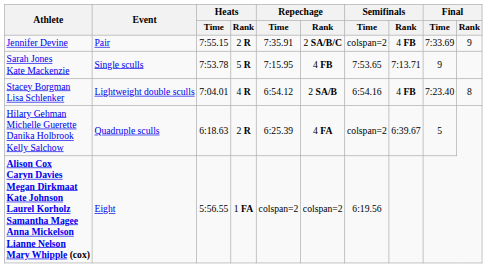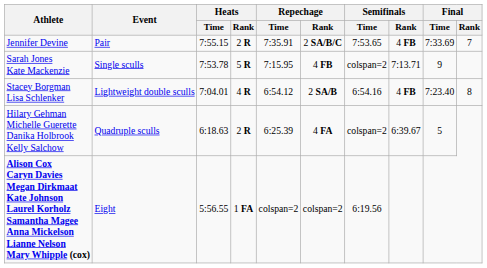 <table class=wikitable style=font-size:90%;text-align:center>
 <tr>
 <th rowspan=2>Athlete</th>
 <th rowspan=2>Event</th>
 <th colspan=2>Heats</th>
 <th colspan=2>Repechage</th>
 <th colspan=2>Semifinals</th>
 <th colspan=2>Final</th>
 </tr>
 <tr style=font-size:95%>
 <th>Time</th>
 <th>Rank</th>
 <th>Time</th>
 <th>Rank</th>
 <th>Time</th>
 <th>Rank</th>
 <th>Time</th>
 <th>Rank</th>
 </tr>
 <tr>
 <td align=left><a href='#'>Jennifer Devine</a></td>
 <td align=left><a href='#'>Pair</a></td>
 <td>7:55.15</td>
 <td>2 <strong>R</strong></td>
 <td>7:35.91</td>
 <td>2 <strong>SA/B/C</strong></td>
-<td>colspan=2 </td>
+<td>7:53.65</td>
 <td>4 <strong>FB</strong></td>
 <td>7:33.69</td>
-<td>9</td>
+<td>7</td>
 </tr>
 <tr>
 <td align=left><a href='#'>Sarah Jones</a><br><a href='#'>Kate Mackenzie</a></td>
 <td align=left><a href='#'>Single sculls</a></td>
 <td>7:53.78</td>
 <td>5 <strong>R</strong></td>
 <td>7:15.95</td>
 <td>4 <strong>FB</strong></td>
-<td>7:53.65</td>
+<td>colspan=2 </td>
 <td>7:13.71</td>
 <td>9</td>
 </tr>
 <tr>
 <td align=left><a href='#'>Stacey Borgman</a><br><a href='#'>Lisa Schlenker</a></td>
 <td align=left><a href='#'>Lightweight double sculls</a></td>
 <td>7:04.01</td>
 <td>4 <strong>R</strong></td>
 <td>6:54.12</td>
 <td>2 <strong>SA/B</strong></td>
 <td>6:54.16</td>
 <td>4 <strong>FB</strong></td>
 <td>7:23.40</td>
 <td>8</td>
 </tr>
 <tr>
 <td align=left><a href='#'>Hilary Gehman</a><br><a href='#'>Michelle Guerette</a><br><a href='#'>Danika Holbrook</a><br><a href='#'>Kelly Salchow</a></td>
 <td align=left><a href='#'>Quadruple sculls</a></td>
 <td>6:18.63</td>
 <td>2 <strong>R</strong></td>
 <td>6:25.39</td>
 <td>4 <strong>FA</strong></td>
 <td>colspan=2 </td>
 <td>6:39.67</td>
 <td>5</td>
 </tr>
 <tr>
 <td align=left><strong><a href='#'>Alison Cox</a><br><a href='#'>Caryn Davies</a><br><a href='#'>Megan Dirkmaat</a><br><a href='#'>Kate Johnson</a><br><a href='#'>Laurel Korholz</a><br><a href='#'>Samantha Magee</a><br><a href='#'>Anna Mickelson</a><br><a href='#'>Lianne Nelson</a><br><a href='#'>Mary Whipple</a> (cox)</strong></td>
 <td align=left><a href='#'>Eight</a></td>
 <td>5:56.55 </td>
 <td>1 <strong>FA</strong></td>
 <td>colspan=2 </td>
 <td>colspan=2 </td>
 <td>6:19.56</td>
 <td></td>
 </tr>
 </table>
